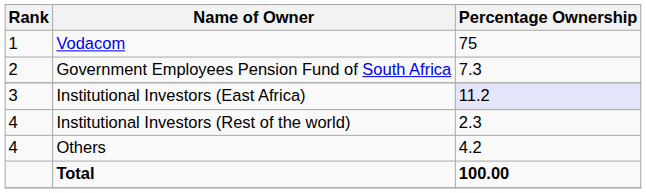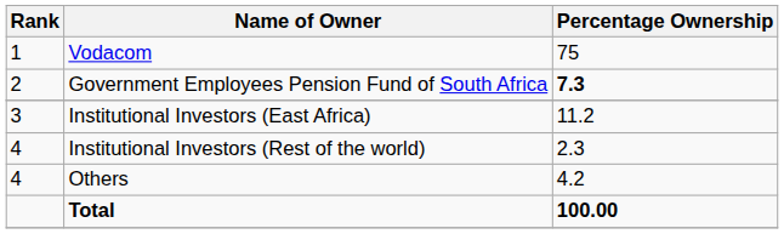 <table class="wikitable sortable" style="margin: 0.5em auto">
 <tr>
 <th>Rank</th>
 <th>Name of Owner</th>
 <th>Percentage Ownership</th>
 </tr>
 <tr>
 <td>1</td>
 <td><a href='#'>Vodacom</a></td>
 <td>75</td>
 </tr>
 <tr>
 <td>2</td>
 <td>Government Employees Pension Fund of <a href='#'>South Africa</a></td>
-<td>7.3</td>
+<td><strong>7.3</strong></td>
 </tr>
 <tr>
 </tr>
 <tr>
 <td>3</td>
 <td>Institutional Investors (East Africa)</td>
-<td style="background: lavender;">11.2</td>
+<td>11.2</td>
 </tr>
 <tr>
 <td>4</td>
 <td>Institutional Investors (Rest of the world)</td>
 <td>2.3</td>
 </tr>
 <tr>
 <td>4</td>
 <td>Others</td>
 <td>4.2</td>
 </tr>
 <tr>
 <td></td>
 <td><strong>Total</strong></td>
 <td><strong>100.00</strong></td>
 </tr>
 <tr>
 </tr>
 </table>
